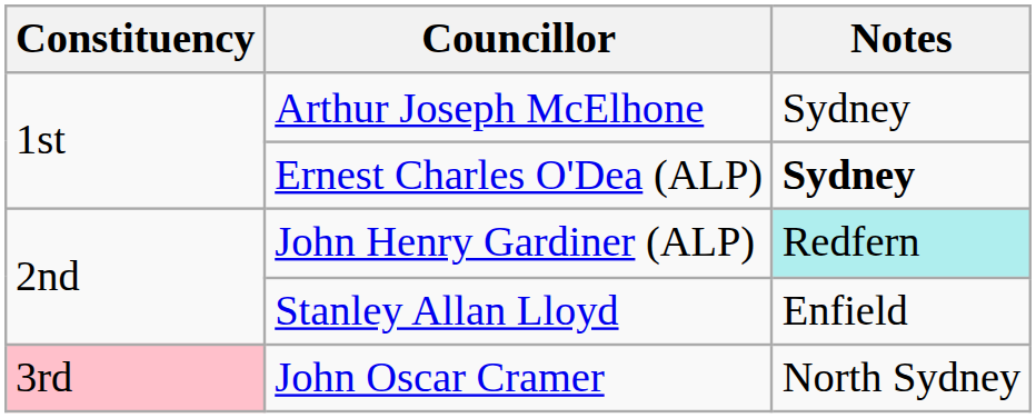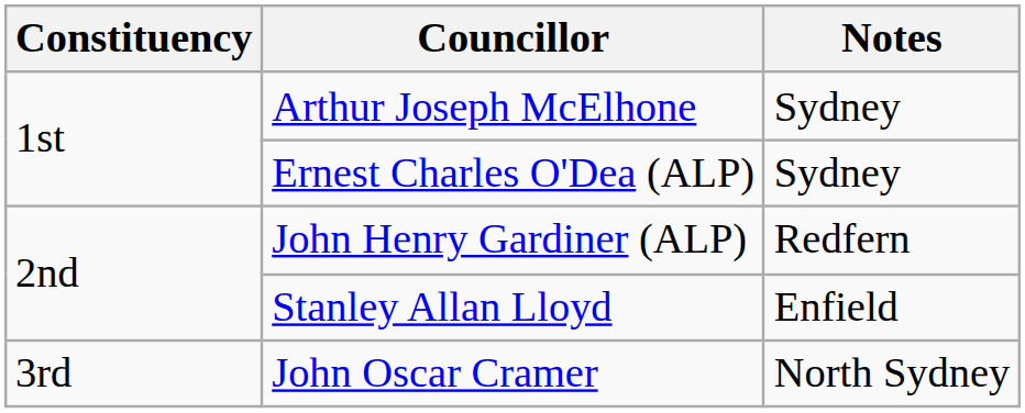 <table class="wikitable">
 <tr>
 <th>Constituency</th>
 <th>Councillor</th>
 <th>Notes</th>
 </tr>
 <tr>
 <td rowspan="2">1st</td>
 <td><a href='#'>Arthur Joseph McElhone</a></td>
 <td>Sydney</td>
 </tr>
 <tr>
 <td><a href='#'>Ernest Charles O'Dea</a> (ALP)</td>
-<td><strong>Sydney</strong></td>
+<td>Sydney</td>
 </tr>
 <tr>
 <td rowspan="2">2nd</td>
 <td><a href='#'>John Henry Gardiner</a> (ALP)</td>
-<td style="background: paleturquoise;">Redfern</td>
+<td>Redfern</td>
 </tr>
 <tr>
 <td><a href='#'>Stanley Allan Lloyd</a></td>
 <td>Enfield</td>
 </tr>
 <tr>
-<td style="background: pink;">3rd</td>
+<td>3rd</td>
 <td><a href='#'>John Oscar Cramer</a></td>
 <td>North Sydney</td>
 </tr>
 </table>
